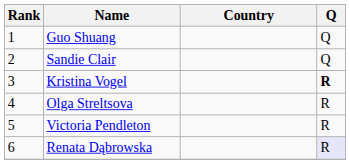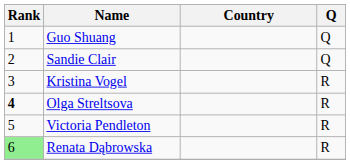 <table class="wikitable">
 <tr>
 <th width=20>Rank</th>
 <th width=150>Name</th>
 <th width=150>Country</th>
 <th width=25>Q</th>
 </tr>
 <tr>
 <td>1</td>
 <td><a href='#'>Guo Shuang</a></td>
 <td></td>
 <td>Q</td>
 </tr>
 <tr>
 <td>2</td>
 <td><a href='#'>Sandie Clair</a></td>
 <td></td>
 <td>Q</td>
 </tr>
 <tr>
 <td>3</td>
 <td><a href='#'>Kristina Vogel</a></td>
 <td></td>
-<td><strong>R</strong></td>
+<td>R</td>
 </tr>
 <tr>
-<td>4</td>
+<td><strong>4</strong></td>
 <td><a href='#'>Olga Streltsova</a></td>
 <td></td>
 <td>R</td>
 </tr>
 <tr>
 <td>5</td>
 <td><a href='#'>Victoria Pendleton</a></td>
 <td></td>
 <td>R</td>
 </tr>
 <tr>
-<td>6</td>
+<td style="background: lightgreen;">6</td>
 <td><a href='#'>Renata Dąbrowska</a></td>
 <td></td>
-<td style="background: lavender;">R</td>
+<td>R</td>
 </tr>
 <tr>
 </tr>
 </table>
